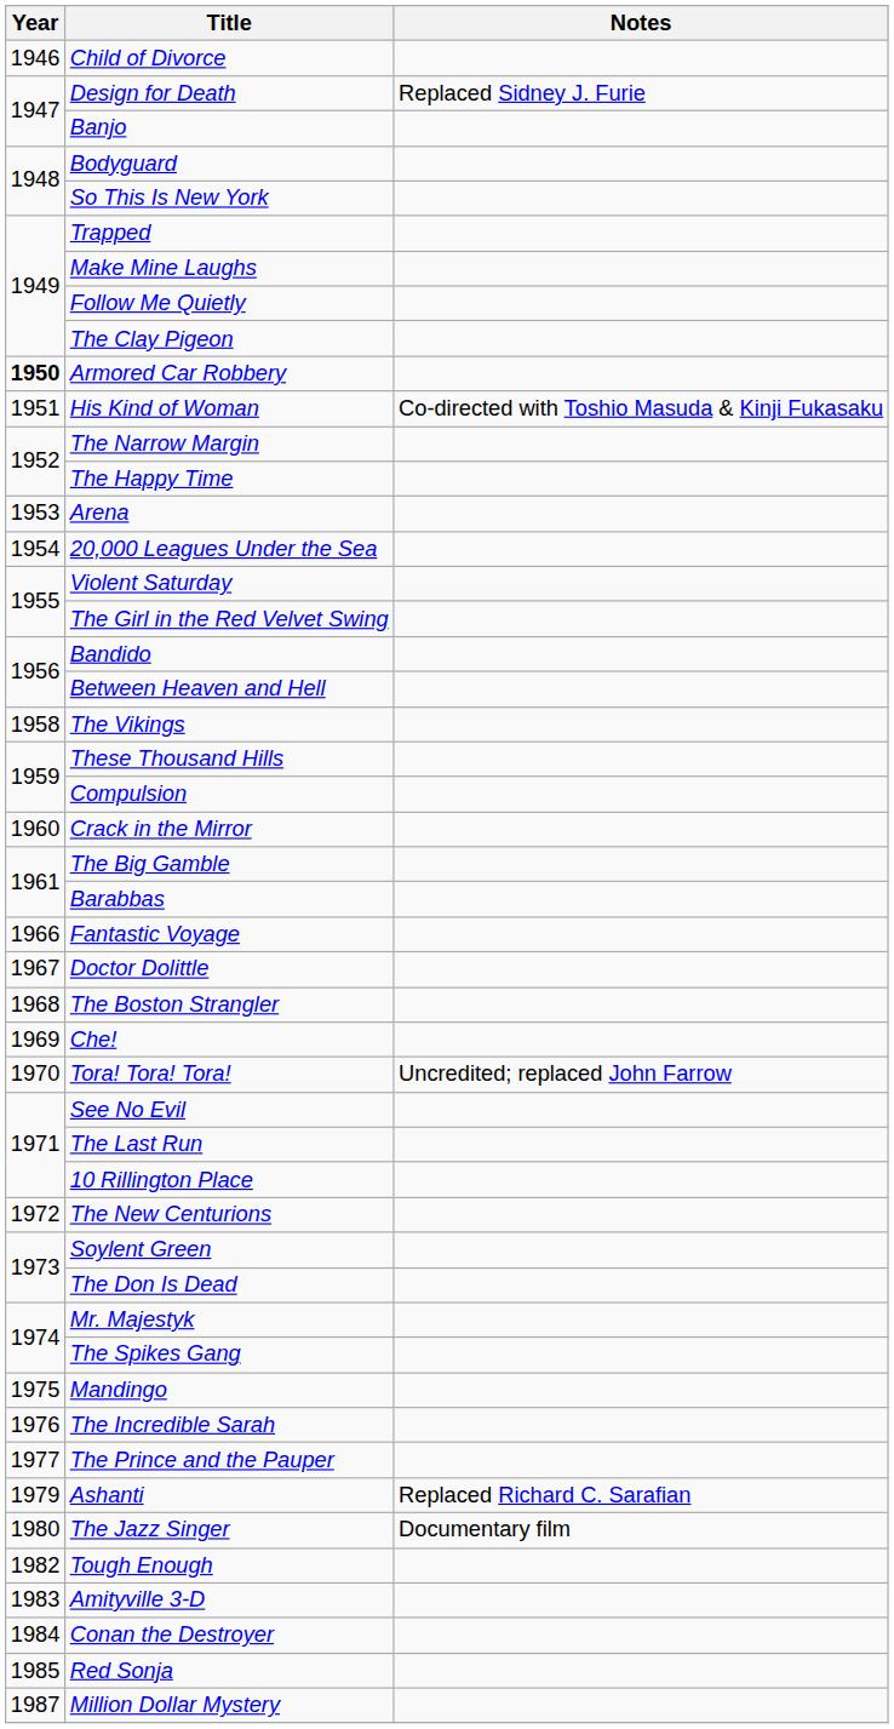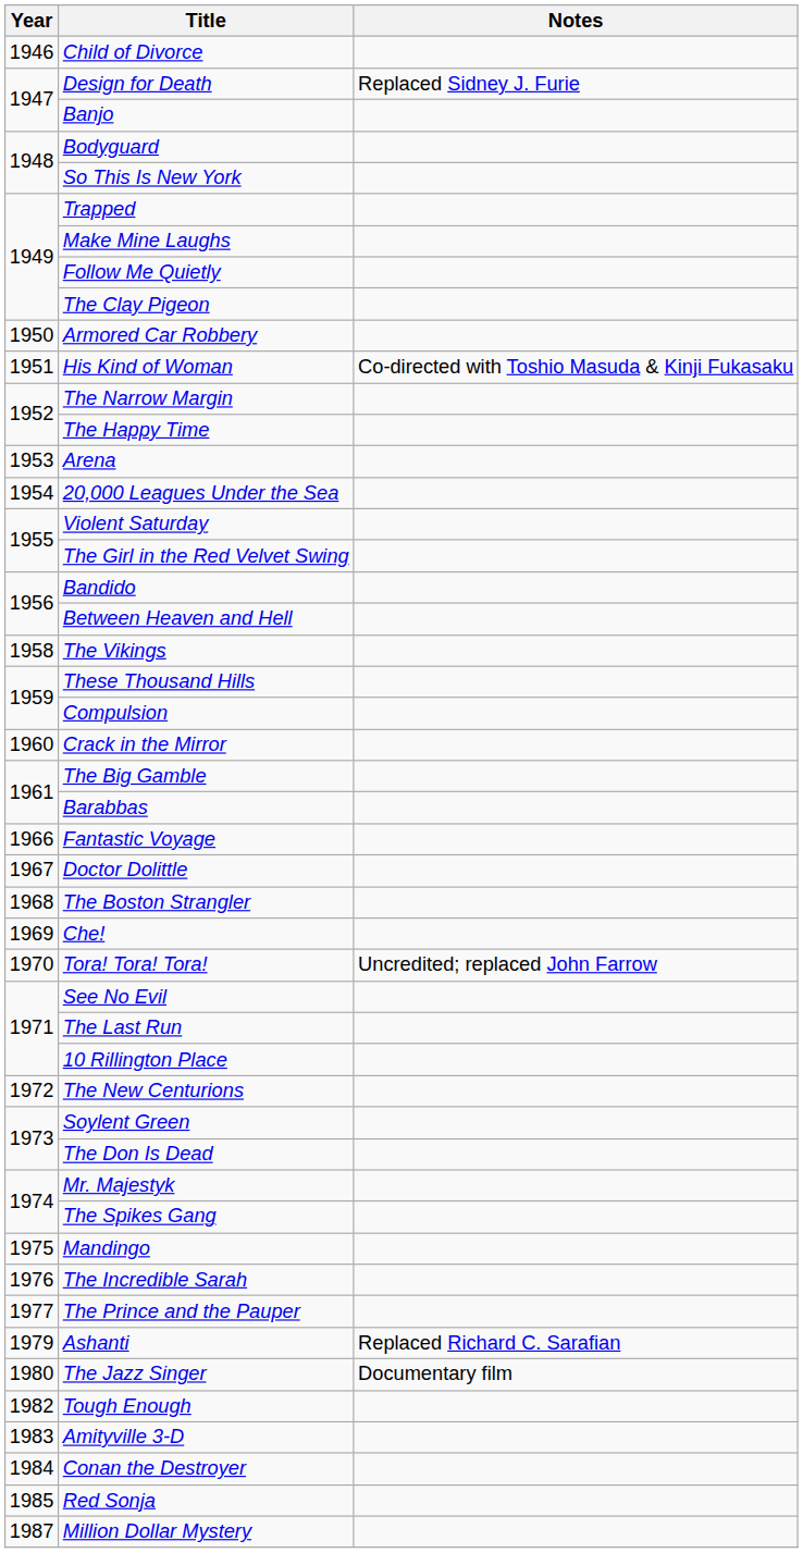 <table class="wikitable sortable">
 <tr style="background:#b0c4de; text-align:center;">
 <th>Year</th>
 <th>Title</th>
 <th>Notes</th>
 </tr>
 <tr>
 <td>1946</td>
 <td><em><a href='#'>Child of Divorce</a></em></td>
 <td></td>
 </tr>
 <tr>
 <td rowspan="2">1947</td>
 <td><em><a href='#'>Design for Death</a></em></td>
 <td>Replaced <a href='#'>Sidney J. Furie</a></td>
 </tr>
 <tr>
 <td><em><a href='#'>Banjo</a></em></td>
 <td></td>
 </tr>
 <tr>
 <td rowspan="2">1948</td>
 <td><em><a href='#'>Bodyguard</a></em></td>
 <td></td>
 </tr>
 <tr>
 <td><em><a href='#'>So This Is New York</a></em></td>
 <td></td>
 </tr>
 <tr>
 <td rowspan="4">1949</td>
 <td><em><a href='#'>Trapped</a></em></td>
 <td></td>
 </tr>
 <tr>
 <td><em><a href='#'>Make Mine Laughs</a></em></td>
 <td></td>
 </tr>
 <tr>
 <td><em><a href='#'>Follow Me Quietly</a></em></td>
 <td></td>
 </tr>
 <tr>
 <td><em><a href='#'>The Clay Pigeon</a></em></td>
 <td></td>
 </tr>
 <tr>
-<td><strong>1950</strong></td>
+<td>1950</td>
 <td><em><a href='#'>Armored Car Robbery</a></em></td>
 <td></td>
 </tr>
 <tr>
 <td>1951</td>
 <td><em><a href='#'>His Kind of Woman</a></em></td>
 <td>Co-directed with <a href='#'>Toshio Masuda</a> & <a href='#'>Kinji Fukasaku</a></td>
 </tr>
 <tr>
 <td rowspan="2">1952</td>
 <td><em><a href='#'>The Narrow Margin</a></em></td>
 <td></td>
 </tr>
 <tr>
 <td><em><a href='#'>The Happy Time</a></em></td>
 <td></td>
 </tr>
 <tr>
 <td>1953</td>
 <td><em><a href='#'>Arena</a></em></td>
 <td></td>
 </tr>
 <tr>
 <td>1954</td>
 <td><em><a href='#'>20,000 Leagues Under the Sea</a></em></td>
 <td></td>
 </tr>
 <tr>
 <td rowspan="2">1955</td>
 <td><em><a href='#'>Violent Saturday</a></em></td>
 <td></td>
 </tr>
 <tr>
 <td><em><a href='#'>The Girl in the Red Velvet Swing</a></em></td>
 <td></td>
 </tr>
 <tr>
 <td rowspan="2">1956</td>
 <td><em><a href='#'>Bandido</a></em></td>
 <td></td>
 </tr>
 <tr>
 <td><em><a href='#'>Between Heaven and Hell</a></em></td>
 <td></td>
 </tr>
 <tr>
 <td>1958</td>
 <td><em><a href='#'>The Vikings</a></em></td>
 <td></td>
 </tr>
 <tr>
 <td rowspan="2">1959</td>
 <td><em><a href='#'>These Thousand Hills</a></em></td>
 <td></td>
 </tr>
 <tr>
 <td><em><a href='#'>Compulsion</a></em></td>
 <td></td>
 </tr>
 <tr>
 <td>1960</td>
 <td><em><a href='#'>Crack in the Mirror</a></em></td>
 <td></td>
 </tr>
 <tr>
 <td rowspan="2">1961</td>
 <td><em><a href='#'>The Big Gamble</a></em></td>
 <td></td>
 </tr>
 <tr>
 <td><em><a href='#'>Barabbas</a></em></td>
 <td></td>
 </tr>
 <tr>
 <td>1966</td>
 <td><em><a href='#'>Fantastic Voyage</a></em></td>
 <td></td>
 </tr>
 <tr>
 <td>1967</td>
 <td><em><a href='#'>Doctor Dolittle</a></em></td>
 <td></td>
 </tr>
 <tr>
 <td>1968</td>
 <td><em><a href='#'>The Boston Strangler</a></em></td>
 <td></td>
 </tr>
 <tr>
 <td>1969</td>
 <td><em><a href='#'>Che!</a></em></td>
 <td></td>
 </tr>
 <tr>
 <td>1970</td>
 <td><em><a href='#'>Tora! Tora! Tora!</a></em></td>
 <td>Uncredited; replaced <a href='#'>John Farrow</a></td>
 </tr>
 <tr>
 <td rowspan="3">1971</td>
 <td><em><a href='#'>See No Evil</a></em></td>
 <td></td>
 </tr>
 <tr>
 <td><em><a href='#'>The Last Run</a></em></td>
 <td></td>
 </tr>
 <tr>
 <td><em><a href='#'>10 Rillington Place</a></em></td>
 <td></td>
 </tr>
 <tr>
 <td>1972</td>
 <td><em><a href='#'>The New Centurions</a></em></td>
 <td></td>
 </tr>
 <tr>
 <td rowspan="2">1973</td>
 <td><em><a href='#'>Soylent Green</a></em></td>
 <td></td>
 </tr>
 <tr>
 <td><em><a href='#'>The Don Is Dead</a></em></td>
 <td></td>
 </tr>
 <tr>
 <td rowspan="2">1974</td>
 <td><em><a href='#'>Mr. Majestyk</a></em></td>
 <td></td>
 </tr>
 <tr>
 <td><em><a href='#'>The Spikes Gang</a></em></td>
 <td></td>
 </tr>
 <tr>
 <td>1975</td>
 <td><em><a href='#'>Mandingo</a></em></td>
 <td></td>
 </tr>
 <tr>
 <td>1976</td>
 <td><em><a href='#'>The Incredible Sarah</a></em></td>
 <td></td>
 </tr>
 <tr>
 <td>1977</td>
 <td><em><a href='#'>The Prince and the Pauper</a></em></td>
 <td></td>
 </tr>
 <tr>
 <td>1979</td>
 <td><em><a href='#'>Ashanti</a></em></td>
 <td>Replaced <a href='#'>Richard C. Sarafian</a></td>
 </tr>
 <tr>
 <td>1980</td>
 <td><em><a href='#'>The Jazz Singer</a></em></td>
 <td>Documentary film</td>
 </tr>
 <tr>
 <td>1982</td>
 <td><em><a href='#'>Tough Enough</a></em></td>
 <td></td>
 </tr>
 <tr>
 <td>1983</td>
 <td><em><a href='#'>Amityville 3-D</a></em></td>
 <td></td>
 </tr>
 <tr>
 <td>1984</td>
 <td><em><a href='#'>Conan the Destroyer</a></em></td>
 <td></td>
 </tr>
 <tr>
 <td>1985</td>
 <td><em><a href='#'>Red Sonja</a></em></td>
 <td></td>
 </tr>
 <tr>
 <td>1987</td>
 <td><em><a href='#'>Million Dollar Mystery</a></em></td>
 <td></td>
 </tr>
 <tr>
 </tr>
 </table>
